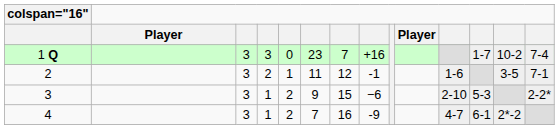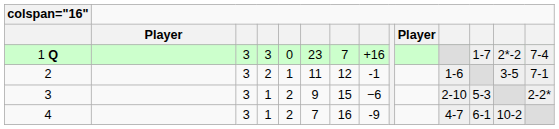 <table class=wikitable style=text-align:center>
 <tr>
 <th>colspan="16" </th>
 </tr>
 <tr>
 <th width=20 abbr=Position></th>
 <th width=175>Player</th>
 <th width=20 abbr=Played></th>
 <th width=20 abbr=Won></th>
 <th width=20 abbr=Lost></th>
 <th width=30 abbr=Points for></th>
 <th width=30 abbr=Points against></th>
 <th width=30 abbr=Points difference></th>
 <th rowspan="5" abbr=H2H></th>
 <th>Player</th>
 <th></th>
 <th></th>
 <th></th>
 <th></th>
 </tr>
 <tr bgcolor=#CCFFCC>
 <td>1 <strong>Q</strong></td>
 <td align=left></td>
 <td>3</td>
 <td>3</td>
 <td>0</td>
 <td>23</td>
 <td>7</td>
 <td>+16</td>
 <td></td>
 <td bgcolor="#dddddd"> </td>
 <td bgcolor="#efefef">1-7</td>
-<td bgcolor="#efefef">10-2</td>
+<td bgcolor="#efefef">2*-2</td>
 <td bgcolor="#efefef">7-4</td>
 </tr>
 <tr>
 <td>2  </td>
 <td align=left></td>
 <td>3</td>
 <td>2</td>
 <td>1</td>
 <td>11</td>
 <td>12</td>
 <td>-1</td>
 <td></td>
 <td bgcolor="#efefef">1-6</td>
 <td bgcolor="#dddddd"> </td>
 <td bgcolor="#efefef">3-5</td>
 <td bgcolor="#efefef">7-1</td>
 </tr>
 <tr>
 <td>3 </td>
 <td align=left></td>
 <td>3</td>
 <td>1</td>
 <td>2</td>
 <td>9</td>
 <td>15</td>
 <td>−6</td>
 <td></td>
 <td bgcolor="#efefef">2-10</td>
 <td bgcolor="#efefef">5-3</td>
 <td bgcolor="#dddddd"> </td>
 <td bgcolor="#efefef">2-2*</td>
 </tr>
 <tr>
 <td>4 </td>
 <td align=left></td>
 <td>3</td>
 <td>1</td>
 <td>2</td>
 <td>7</td>
 <td>16</td>
 <td>-9</td>
 <td></td>
 <td bgcolor="#efefef">4-7</td>
 <td bgcolor="#efefef">6-1</td>
-<td bgcolor="#efefef">2*-2</td>
+<td bgcolor="#efefef">10-2</td>
 <td bgcolor="#dddddd"> </td>
 </tr>
 </table>
